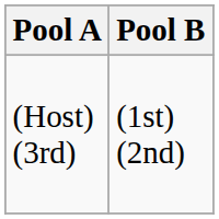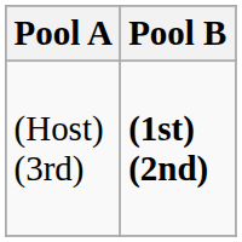 <table class="wikitable">
 <tr>
 <th width=50%>Pool A</th>
 <th width=50%>Pool B</th>
 </tr>
 <tr>
 <td><br> (Host)<br>  (3rd)<br> <br> </td>
-<td><br> (1st)<br>  (2nd)<br>  <br> </td>
+<td><strong><br> (1st)<br>  (2nd)<br>  <br> </strong></td>
 </tr>
 </table>
